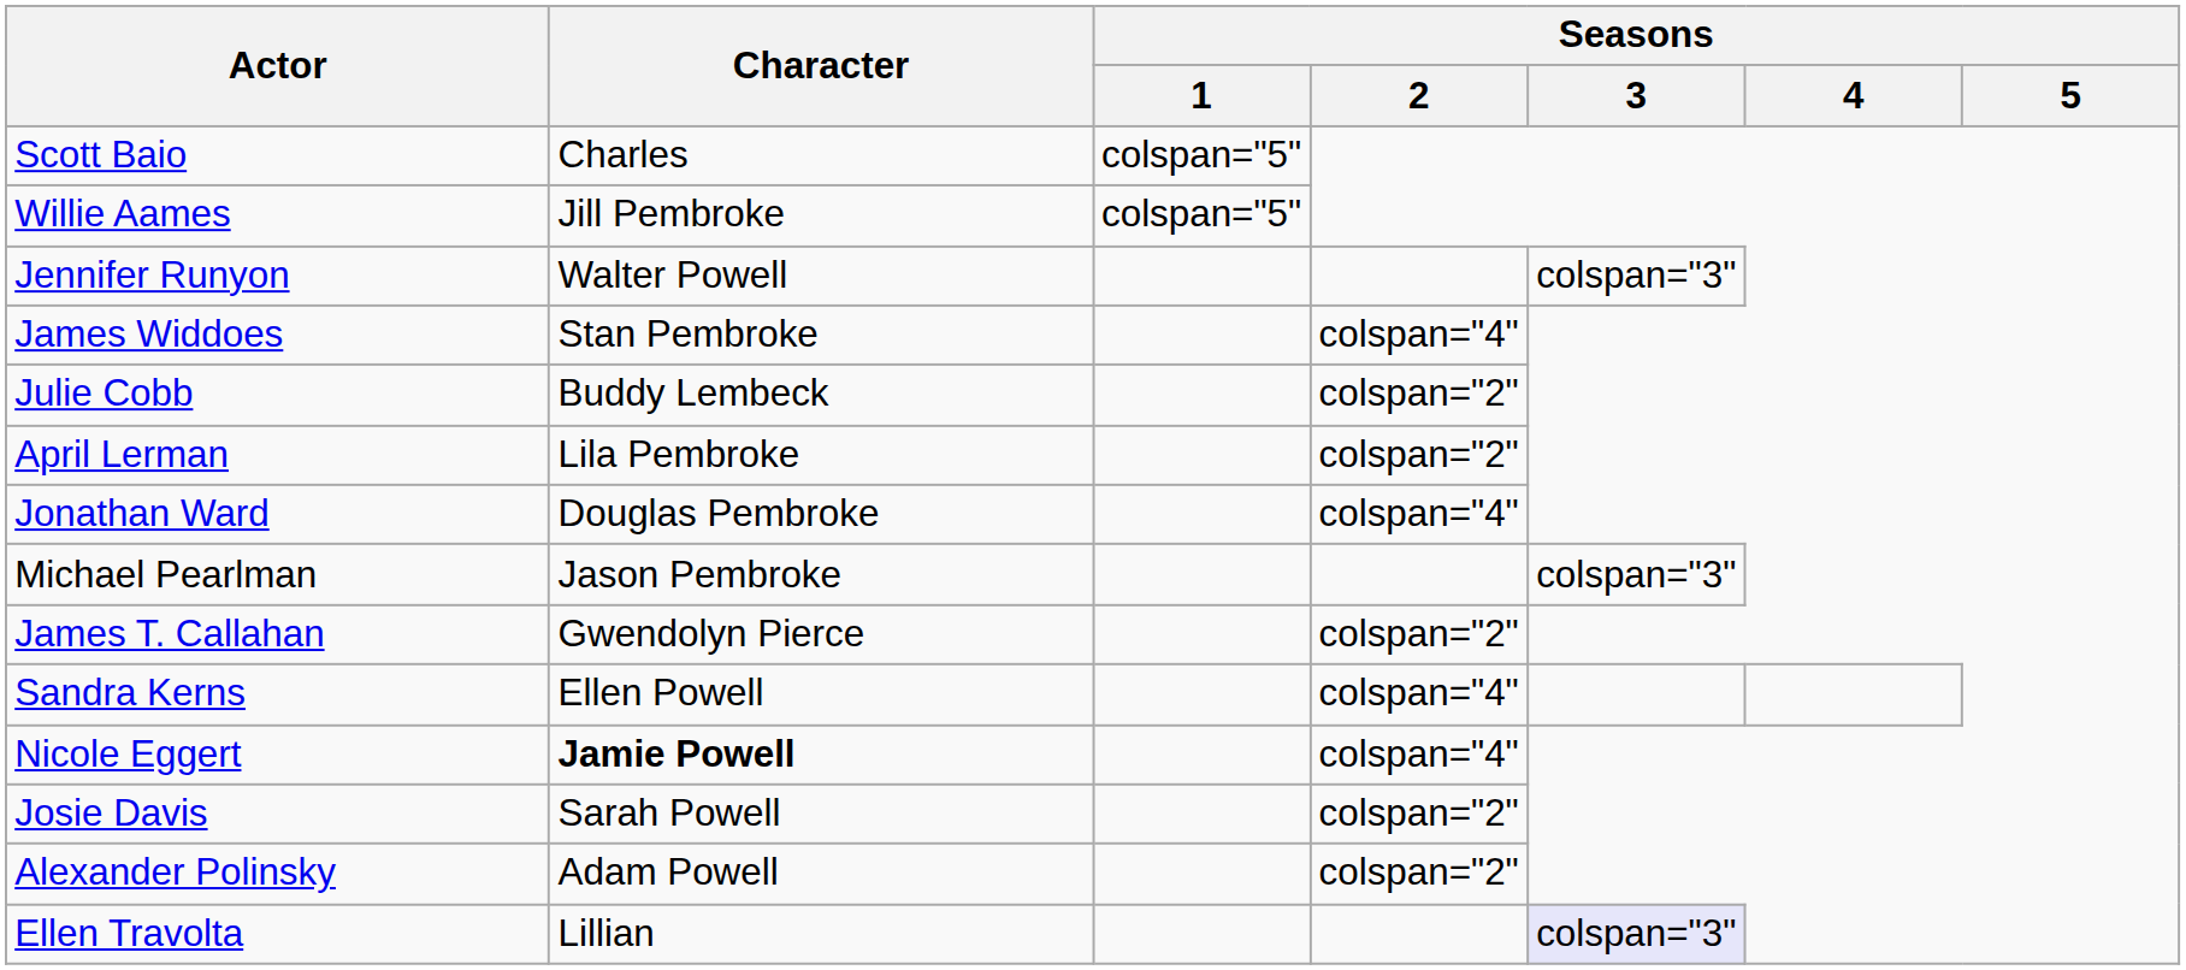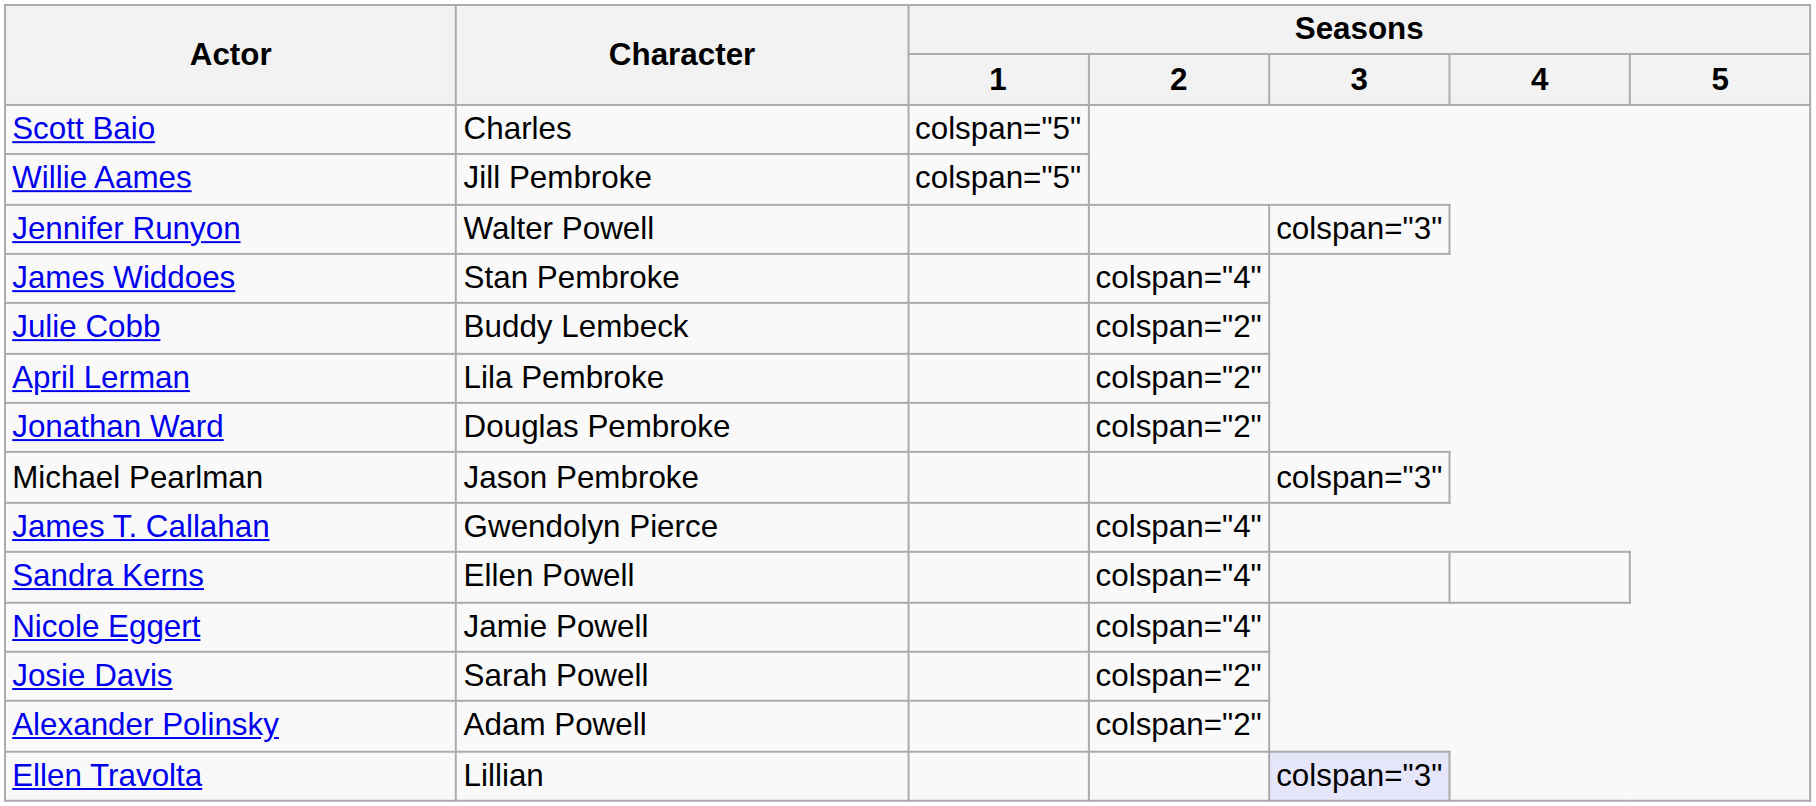 <table class="wikitable">
 <tr>
 <th rowspan="2" width=25%>Actor</th>
 <th rowspan="2" width=25%>Character</th>
 <th colspan="5">Seasons</th>
 </tr>
 <tr>
 <th width=10%>1</th>
 <th width=10%>2</th>
 <th width=10%>3</th>
 <th width=10%>4</th>
 <th width=10%>5</th>
 </tr>
 <tr>
 <td><a href='#'>Scott Baio</a></td>
 <td>Charles</td>
 <td>colspan="5" </td>
 </tr>
 <tr>
 <td><a href='#'>Willie Aames</a></td>
 <td>Jill Pembroke</td>
 <td>colspan="5" </td>
 </tr>
 <tr>
 <td><a href='#'>Jennifer Runyon</a></td>
 <td>Walter Powell</td>
 <td></td>
 <td></td>
 <td>colspan="3" </td>
 </tr>
 <tr>
 <td><a href='#'>James Widdoes</a></td>
 <td>Stan Pembroke</td>
 <td></td>
 <td>colspan="4" </td>
 </tr>
 <tr>
 <td><a href='#'>Julie Cobb</a></td>
 <td>Buddy Lembeck</td>
 <td></td>
 <td>colspan="2" </td>
 </tr>
 <tr>
 <td><a href='#'>April Lerman</a></td>
 <td>Lila Pembroke</td>
 <td></td>
 <td>colspan="2" </td>
 </tr>
 <tr>
 <td><a href='#'>Jonathan Ward</a></td>
 <td>Douglas Pembroke</td>
 <td></td>
-<td>colspan="4" </td>
+<td>colspan="2" </td>
 </tr>
 <tr>
 <td>Michael Pearlman</td>
 <td>Jason Pembroke</td>
 <td></td>
 <td></td>
 <td>colspan="3" </td>
 </tr>
 <tr>
 <td><a href='#'>James T. Callahan</a></td>
 <td>Gwendolyn Pierce</td>
 <td></td>
-<td>colspan="2" </td>
+<td>colspan="4" </td>
 </tr>
 <tr>
 <td><a href='#'>Sandra Kerns</a></td>
 <td>Ellen Powell</td>
 <td></td>
 <td>colspan="4" </td>
 <td></td>
 <td></td>
 </tr>
 <tr>
 <td><a href='#'>Nicole Eggert</a></td>
-<td><strong>Jamie Powell</strong></td>
+<td>Jamie Powell</td>
 <td></td>
 <td>colspan="4" </td>
 </tr>
 <tr>
 <td><a href='#'>Josie Davis</a></td>
 <td>Sarah Powell</td>
 <td></td>
 <td>colspan="2" </td>
 </tr>
 <tr>
 <td><a href='#'>Alexander Polinsky</a></td>
 <td>Adam Powell</td>
 <td></td>
 <td>colspan="2" </td>
 </tr>
 <tr>
 <td><a href='#'>Ellen Travolta</a></td>
 <td>Lillian</td>
 <td></td>
 <td></td>
 <td style="background: lavender;">colspan="3" </td>
 </tr>
 </table>
